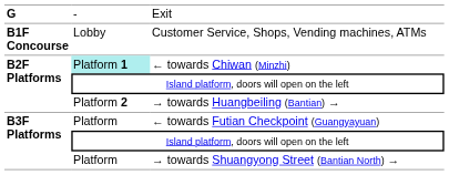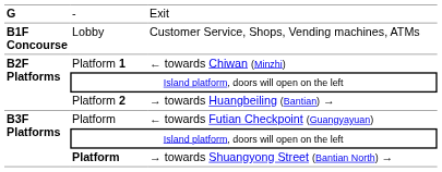 <table table border=0 cellspacing=0 cellpadding=3>
 <tr>
 <td style="width:50px; border-top:solid 1px gray; vertical-align:top;"><strong>G</strong></td>
 <td style="width:100px; border-top:solid 1px gray; vertical-align:top;">-</td>
 <td style="width:390px; border-top:solid 1px gray; vertical-align:top;">Exit</td>
 </tr>
 <tr>
 <td style="border-bottom:solid 1px gray; border-top:solid 1px gray; width:50px;" valign=top><strong>B1F<br>Concourse</strong></td>
 <td style="border-bottom:solid 1px gray; border-top:solid 1px gray; width:100px;" valign=top>Lobby</td>
 <td style="border-bottom:solid 1px gray; border-top:solid 1px gray; width:390px;" valign=top>Customer Service, Shops, Vending machines, ATMs</td>
 </tr>
 <tr>
 <td rowspan="3" style="border-bottom:solid 1px gray; vertical-align:top;"><strong>B2F<br>Platforms</strong></td>
-<td style="background: paleturquoise;">Platform <strong>1</strong></td>
+<td>Platform <strong>1</strong></td>
 <td>←  towards <a href='#'>Chiwan</a> <small>(<a href='#'>Minzhi</a>)</small></td>
 </tr>
 <tr>
 <td style="border-right:solid 2px black;border-left:solid 2px black;border-top:solid 2px black;border-bottom:solid 2px black;text-align:center;" colspan=2><small><a href='#'>Island platform</a>, doors will open on the left</small></td>
 </tr>
 <tr>
 <td style="border-bottom:solid 1px gray;">Platform <strong>2</strong></td>
 <td style="border-bottom:solid 1px gray;"><span>→</span>  towards <a href='#'>Huangbeiling</a> <small>(<a href='#'>Bantian</a>)</small> →</td>
 </tr>
 <tr>
 <td style="border-bottom:solid 1px gray;" rowspan="6" valign=top><strong>B3F<br>Platforms</strong></td>
 <td>Platform</td>
 <td>←  towards <a href='#'>Futian Checkpoint</a> <small>(<a href='#'>Guangyayuan</a>)</small></td>
 </tr>
 <tr>
 <td style="border-right:solid 2px black;border-left:solid 2px black;border-top:solid 2px black;border-bottom:solid 2px black;text-align:center;" colspan=2><small><a href='#'>Island platform</a>, doors will open on the left</small></td>
 </tr>
 <tr>
-<td style="border-bottom:solid 1px gray;">Platform</td>
+<td style="border-bottom:solid 1px gray;"><strong>Platform</strong></td>
 <td style="border-bottom:solid 1px gray;"><span>→</span>  towards <a href='#'>Shuangyong Street</a> <small>(<a href='#'>Bantian North</a>)</small> →</td>
 </tr>
 </table>
